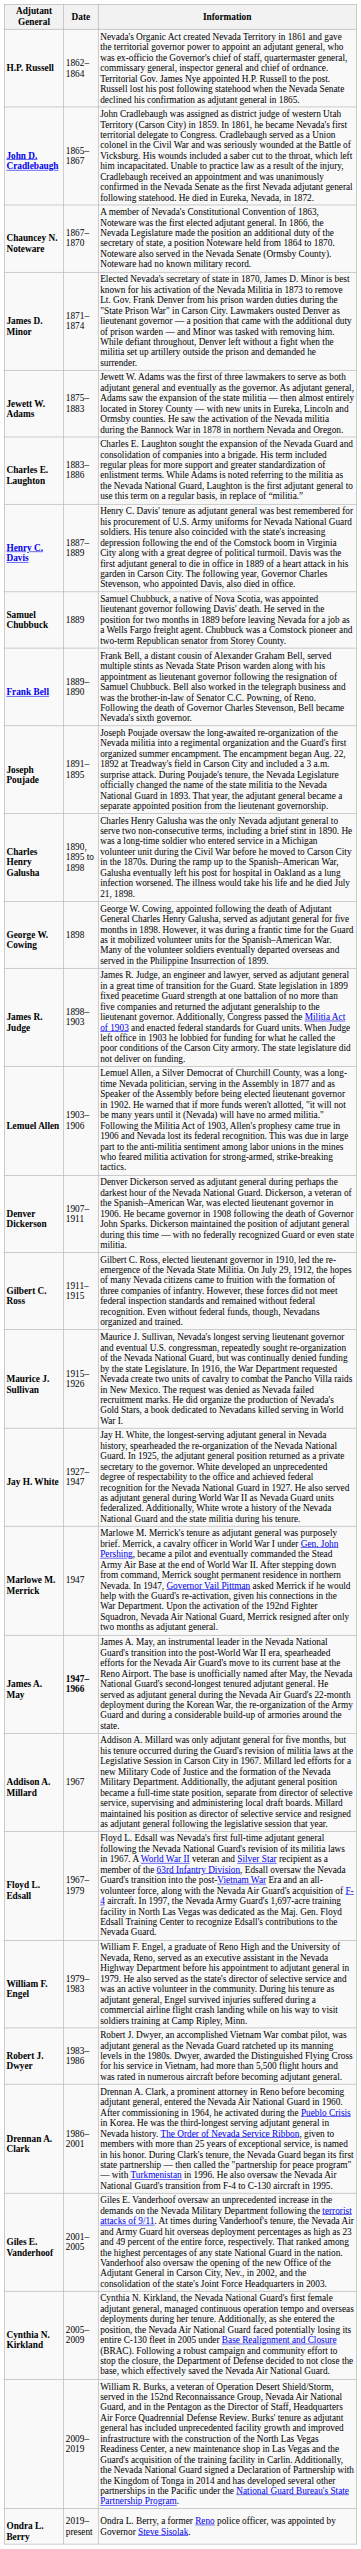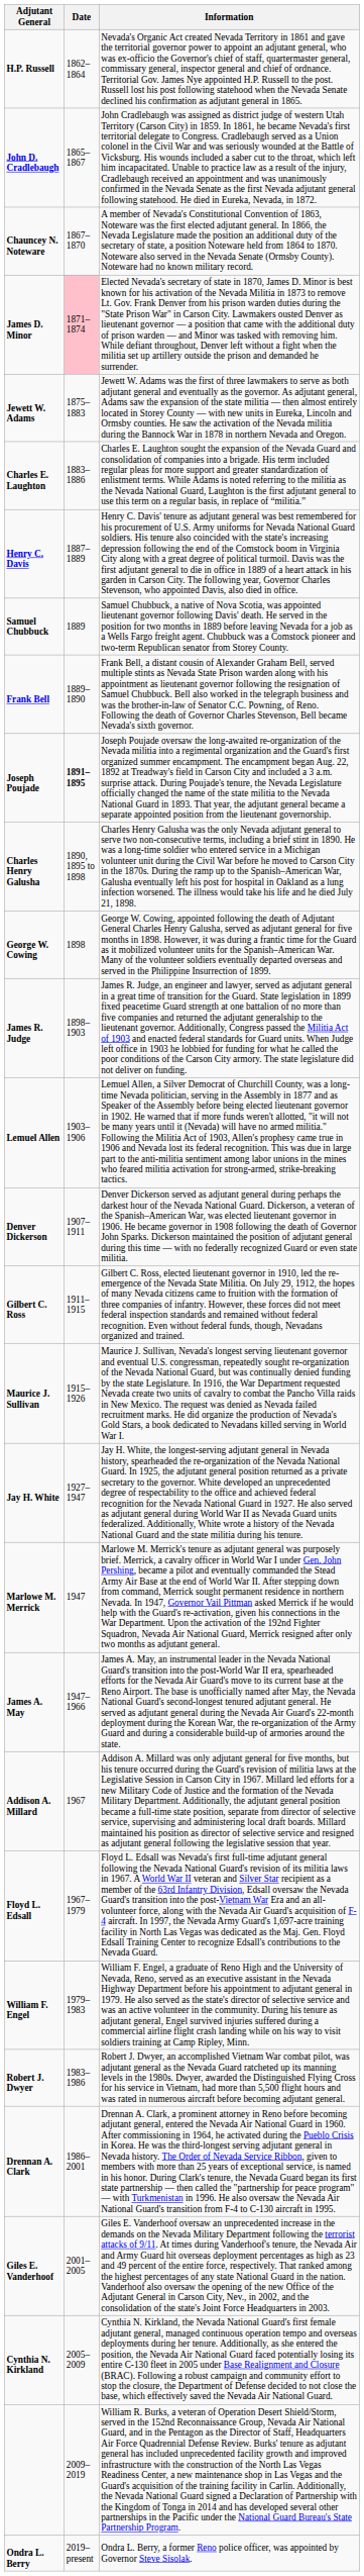 <table class="wikitable">
 <tr>
 <th>Adjutant General</th>
 <th>Date</th>
 <th>Information</th>
 </tr>
 <tr>
 <td><strong>H.P. Russell</strong></td>
 <td>1862–1864</td>
 <td>Nevada's Organic Act created Nevada Territory in 1861 and gave the territorial governor power to appoint an adjutant general, who was ex-officio the Governor's chief of staff, quartermaster general, commissary general, inspector general and chief of ordnance. Territorial Gov. James Nye appointed H.P. Russell to the post. Russell lost his post following statehood when the Nevada Senate declined his confirmation as adjutant general in 1865.</td>
 </tr>
 <tr>
 <td><br> <strong><a href='#'>John D. Cradlebaugh</a></strong></td>
 <td>1865–1867</td>
 <td>John Cradlebaugh was assigned as district judge of western Utah Territory (Carson City) in 1859. In 1861, he became Nevada's first territorial delegate to Congress. Cradlebaugh served as a Union colonel in the Civil War and was seriously wounded at the Battle of Vicksburg. His wounds included a saber cut to the throat, which left him incapacitated. Unable to practice law as a result of the injury, Cradlebaugh received an appointment and was unanimously confirmed in the Nevada Senate as the first Nevada adjutant general following statehood. He died in Eureka, Nevada, in 1872.</td>
 </tr>
 <tr>
 <td><br> <strong>Chauncey N. Noteware</strong></td>
 <td>1867–1870</td>
 <td>A member of Nevada's Constitutional Convention of 1863, Noteware was the first elected adjutant general. In 1866, the Nevada Legislature made the position an additional duty of the secretary of state, a position Noteware held from 1864 to 1870. Noteware also served in the Nevada Senate (Ormsby County). Noteware had no known military record.</td>
 </tr>
 <tr>
 <td><br> <strong>James D. Minor</strong></td>
-<td>1871–1874</td>
+<td style="background: pink;">1871–1874</td>
 <td>Elected Nevada's secretary of state in 1870, James D. Minor is best known for his activation of the Nevada Militia in 1873 to remove Lt. Gov. Frank Denver from his prison warden duties during the "State Prison War" in Carson City. Lawmakers ousted Denver as lieutenant governor — a position that came with the additional duty of prison warden — and Minor was tasked with removing him. While defiant throughout, Denver left without a fight when the militia set up artillery outside the prison and demanded he surrender.</td>
 </tr>
 <tr>
 <td><br> <strong>Jewett W. Adams</strong></td>
 <td>1875–1883</td>
 <td>Jewett W. Adams was the first of three lawmakers to serve as both adjutant general and eventually as the governor. As adjutant general, Adams saw the expansion of the state militia — then almost entirely located in Storey County — with new units in Eureka, Lincoln and Ormsby counties. He saw the activation of the Nevada militia during the Bannock War in 1878 in northern Nevada and Oregon.</td>
 </tr>
 <tr>
 <td><br> <strong>Charles E. Laughton</strong></td>
 <td>1883–1886</td>
 <td>Charles E. Laughton sought the expansion of the Nevada Guard and consolidation of companies into a brigade. His term included regular pleas for more support and greater standardization of enlistment terms. While Adams is noted referring to the militia as the Nevada National Guard, Laughton is the first adjutant general to use this term on a regular basis, in replace of “militia.”</td>
 </tr>
 <tr>
 <td><br> <strong><a href='#'>Henry C. Davis</a></strong></td>
 <td>1887–1889</td>
 <td>Henry C. Davis' tenure as adjutant general was best remembered for his procurement of U.S. Army uniforms for Nevada National Guard soldiers. His tenure also coincided with the state's increasing depression following the end of the Comstock boom in Virginia City along with a great degree of political turmoil. Davis was the first adjutant general to die in office in 1889 of a heart attack in his garden in Carson City. The following year, Governor Charles Stevenson, who appointed Davis, also died in office.</td>
 </tr>
 <tr>
 <td><strong>Samuel Chubbuck</strong></td>
 <td>1889</td>
 <td>Samuel Chubbuck, a native of Nova Scotia, was appointed lieutenant governor following Davis' death. He served in the position for two months in 1889 before leaving Nevada for a job as a Wells Fargo freight agent. Chubbuck was a Comstock pioneer and two-term Republican senator from Storey County.</td>
 </tr>
 <tr>
 <td><br> <strong><a href='#'>Frank Bell</a></strong></td>
 <td>1889–1890</td>
 <td>Frank Bell, a distant cousin of Alexander Graham Bell, served multiple stints as Nevada State Prison warden along with his appointment as lieutenant governor following the resignation of Samuel Chubbuck. Bell also worked in the telegraph business and was the brother-in-law of Senator C.C. Powning, of Reno. Following the death of Governor Charles Stevenson, Bell became Nevada's sixth governor.</td>
 </tr>
 <tr>
 <td><br> <strong>Joseph Poujade</strong></td>
-<td>1891–1895</td>
+<td><strong>1891–1895</strong></td>
 <td>Joseph Poujade oversaw the long-awaited re-organization of the Nevada militia into a regimental organization and the Guard's first organized summer encampment. The encampment began Aug. 22, 1892 at Treadway's field in Carson City and included a 3 a.m. surprise attack. During Poujade's tenure, the Nevada Legislature officially changed the name of the state militia to the Nevada National Guard in 1893. That year, the adjutant general became a separate appointed position from the lieutenant governorship.</td>
 </tr>
 <tr>
 <td><br> <strong>Charles Henry Galusha</strong></td>
 <td>1890, 1895 to 1898</td>
 <td>Charles Henry Galusha was the only Nevada adjutant general to serve two non-consecutive terms, including a brief stint in 1890. He was a long-time soldier who entered service in a Michigan volunteer unit during the Civil War before he moved to Carson City in the 1870s. During the ramp up to the Spanish–American War, Galusha eventually left his post for hospital in Oakland as a lung infection worsened. The illness would take his life and he died July 21, 1898.</td>
 </tr>
 <tr>
 <td><br> <strong>George W. Cowing</strong></td>
 <td>1898</td>
 <td>George W. Cowing, appointed following the death of Adjutant General Charles Henry Galusha, served as adjutant general for five months in 1898. However, it was during a frantic time for the Guard as it mobilized volunteer units for the Spanish–American War. Many of the volunteer soldiers eventually departed overseas and served in the Philippine Insurrection of 1899.</td>
 </tr>
 <tr>
 <td><br> <strong>James R. Judge</strong></td>
 <td>1898–1903</td>
 <td>James R. Judge, an engineer and lawyer, served as adjutant general in a great time of transition for the Guard. State legislation in 1899 fixed peacetime Guard strength at one battalion of no more than five companies and returned the adjutant generalship to the lieutenant governor. Additionally, Congress passed the <a href='#'>Militia Act of 1903</a> and enacted federal standards for Guard units. When Judge left office in 1903 he lobbied for funding for what he called the poor conditions of the Carson City armory. The state legislature did not deliver on funding.</td>
 </tr>
 <tr>
 <td><br> <strong>Lemuel Allen</strong></td>
 <td>1903–1906</td>
 <td>Lemuel Allen, a Silver Democrat of Churchill County, was a long-time Nevada politician, serving in the Assembly in 1877 and as Speaker of the Assembly before being elected lieutenant governor in 1902. He warned that if more funds weren't allotted, "it will not be many years until it (Nevada) will have no armed militia." Following the Militia Act of 1903, Allen's prophesy came true in 1906 and Nevada lost its federal recognition. This was due in large part to the anti-militia sentiment among labor unions in the mines who feared militia activation for strong-armed, strike-breaking tactics.</td>
 </tr>
 <tr>
 <td><br> <strong>Denver Dickerson</strong></td>
 <td>1907–1911</td>
 <td>Denver Dickerson served as adjutant general during perhaps the darkest hour of the Nevada National Guard. Dickerson, a veteran of the Spanish–American War, was elected lieutenant governor in 1906. He became governor in 1908 following the death of Governor John Sparks. Dickerson maintained the position of adjutant general during this time — with no federally recognized Guard or even state militia.</td>
 </tr>
 <tr>
 <td><br> <strong>Gilbert C. Ross</strong></td>
 <td>1911–1915</td>
 <td>Gilbert C. Ross, elected lieutenant governor in 1910, led the re-emergence of the Nevada State Militia. On July 29, 1912, the hopes of many Nevada citizens came to fruition with the formation of three companies of infantry. However, these forces did not meet federal inspection standards and remained without federal recognition. Even without federal funds, though, Nevadans organized and trained.</td>
 </tr>
 <tr>
 <td><br> <strong>Maurice J. Sullivan</strong></td>
 <td>1915–1926</td>
 <td>Maurice J. Sullivan, Nevada's longest serving lieutenant governor and eventual U.S. congressman, repeatedly sought re-organization of the Nevada National Guard, but was continually denied funding by the state Legislature. In 1916, the War Department requested Nevada create two units of cavalry to combat the Pancho Villa raids in New Mexico. The request was denied as Nevada failed recruitment marks. He did organize the production of Nevada's Gold Stars, a book dedicated to Nevadans killed serving in World War I.</td>
 </tr>
 <tr>
 <td><br> <strong>Jay H. White</strong></td>
 <td>1927–1947</td>
 <td>Jay H. White, the longest-serving adjutant general in Nevada history, spearheaded the re-organization of the Nevada National Guard. In 1925, the adjutant general position returned as a private secretary to the governor. White developed an unprecedented degree of respectability to the office and achieved federal recognition for the Nevada National Guard in 1927. He also served as adjutant general during World War II as Nevada Guard units federalized. Additionally, White wrote a history of the Nevada National Guard and the state militia during his tenure.</td>
 </tr>
 <tr>
 <td><br> <strong>Marlowe M. Merrick</strong></td>
 <td>1947</td>
 <td>Marlowe M. Merrick's tenure as adjutant general was purposely brief. Merrick, a cavalry officer in World War I under <a href='#'>Gen. John Pershing</a>, became a pilot and eventually commanded the Stead Army Air Base at the end of World War II. After stepping down from command, Merrick sought permanent residence in northern Nevada. In 1947, <a href='#'>Governor Vail Pittman</a> asked Merrick if he would help with the Guard's re-activation, given his connections in the War Department. Upon the activation of the 192nd Fighter Squadron, Nevada Air National Guard, Merrick resigned after only two months as adjutant general.</td>
 </tr>
 <tr>
 <td><br> <strong>James A. May</strong></td>
-<td><strong>1947–1966</strong></td>
+<td>1947–1966</td>
 <td>James A. May, an instrumental leader in the Nevada National Guard's transition into the post-World War II era, spearheaded efforts for the Nevada Air Guard's move to its current base at the Reno Airport. The base is unofficially named after May, the Nevada National Guard's second-longest tenured adjutant general. He served as adjutant general during the Nevada Air Guard's 22-month deployment during the Korean War, the re-organization of the Army Guard and during a considerable build-up of armories around the state.</td>
 </tr>
 <tr>
 <td><br> <strong>Addison A. Millard</strong></td>
 <td>1967</td>
 <td>Addison A. Millard was only adjutant general for five months, but his tenure occurred during the Guard's revision of militia laws at the Legislative Session in Carson City in 1967. Millard led efforts for a new Military Code of Justice and the formation of the Nevada Military Department. Additionally, the adjutant general position became a full-time state position, separate from director of selective service, supervising and administering local draft boards. Millard maintained his position as director of selective service and resigned as adjutant general following the legislative session that year.</td>
 </tr>
 <tr>
 <td><br> <strong>Floyd L. Edsall</strong></td>
 <td>1967–1979</td>
 <td>Floyd L. Edsall was Nevada's first full-time adjutant general following the Nevada National Guard's revision of its militia laws in 1967. A <a href='#'>World War II</a> veteran and <a href='#'>Silver Star</a> recipient as a member of the <a href='#'>63rd Infantry Division</a>, Edsall oversaw the Nevada Guard's transition into the post-<a href='#'>Vietnam War</a> Era and an all-volunteer force, along with the Nevada Air Guard's acquisition of <a href='#'>F-4</a> aircraft. In 1997, the Nevada Army Guard's 1,697-acre training facility in North Las Vegas was dedicated as the Maj. Gen. Floyd Edsall Training Center to recognize Edsall's contributions to the Nevada Guard.</td>
 </tr>
 <tr>
 <td><br> <strong>William F. Engel</strong></td>
 <td>1979–1983</td>
 <td>William F. Engel, a graduate of Reno High and the University of Nevada, Reno, served as an executive assistant in the Nevada Highway Department before his appointment to adjutant general in 1979. He also served as the state's director of selective service and was an active volunteer in the community. During his tenure as adjutant general, Engel survived injuries suffered during a commercial airline flight crash landing while on his way to visit soldiers training at Camp Ripley, Minn.</td>
 </tr>
 <tr>
 <td><br> <strong>Robert J. Dwyer</strong></td>
 <td>1983–1986</td>
 <td>Robert J. Dwyer, an accomplished Vietnam War combat pilot, was adjutant general as the Nevada Guard ratcheted up its manning levels in the 1980s. Dwyer, awarded the Distinguished Flying Cross for his service in Vietnam, had more than 5,500 flight hours and was rated in numerous aircraft before becoming adjutant general.</td>
 </tr>
 <tr>
 <td><br> <strong>Drennan A. Clark</strong></td>
 <td>1986–2001</td>
 <td>Drennan A. Clark, a prominent attorney in Reno before becoming adjutant general, entered the Nevada Air National Guard in 1960. After commissioning in 1964, he activated during the <a href='#'>Pueblo Crisis</a> in Korea. He was the third-longest serving adjutant general in Nevada history. <a href='#'>The Order of Nevada Service Ribbon</a>, given to members with more than 25 years of exceptional service, is named in his honor. During Clark's tenure, the Nevada Guard began its first state partnership — then called the "partnership for peace program" — with <a href='#'>Turkmenistan</a> in 1996. He also oversaw the Nevada Air National Guard's transition from F-4 to C-130 aircraft in 1995.</td>
 </tr>
 <tr>
 <td><br> <strong>Giles E. Vanderhoof</strong></td>
 <td>2001–2005</td>
 <td>Giles E. Vanderhoof oversaw an unprecedented increase in the demands on the Nevada Military Department following the <a href='#'>terrorist attacks of 9/11</a>. At times during Vanderhoof's tenure, the Nevada Air and Army Guard hit overseas deployment percentages as high as 23 and 49 percent of the entire force, respectively. That ranked among the highest percentages of any state National Guard in the nation. Vanderhoof also oversaw the opening of the new Office of the Adjutant General in Carson City, Nev., in 2002, and the consolidation of the state's Joint Force Headquarters in 2003.</td>
 </tr>
 <tr>
 <td><br> <strong>Cynthia N. Kirkland</strong></td>
 <td>2005–2009</td>
 <td>Cynthia N. Kirkland, the Nevada National Guard's first female adjutant general, managed continuous operation tempo and overseas deployments during her tenure. Additionally, as she entered the position, the Nevada Air National Guard faced potentially losing its entire C-130 fleet in 2005 under <a href='#'>Base Realignment and Closure</a> (BRAC). Following a robust campaign and community effort to stop the closure, the Department of Defense decided to not close the base, which effectively saved the Nevada Air National Guard.</td>
 </tr>
 <tr>
 <td><br> <strong></strong></td>
 <td>2009–2019</td>
 <td>William R. Burks, a veteran of Operation Desert Shield/Storm, served in the 152nd Reconnaissance Group, Nevada Air National Guard, and in the Pentagon as the Director of Staff, Headquarters Air Force Quadrennial Defense Review. Burks' tenure as adjutant general has included unprecedented facility growth and improved infrastructure with the construction of the North Las Vegas Readiness Center, a new maintenance shop in Las Vegas and the Guard's acquisition of the training facility in Carlin. Additionally, the Nevada National Guard signed a Declaration of Partnership with the Kingdom of Tonga in 2014 and has developed several other partnerships in the Pacific under the <a href='#'>National Guard Bureau's State Partnership Program</a>.</td>
 </tr>
 <tr>
 <td><br> <strong>Ondra L. Berry</strong></td>
 <td>2019–present</td>
 <td>Ondra L. Berry, a former <a href='#'>Reno</a> police officer, was appointed by Governor <a href='#'>Steve Sisolak</a>.</td>
 </tr>
 </table>
